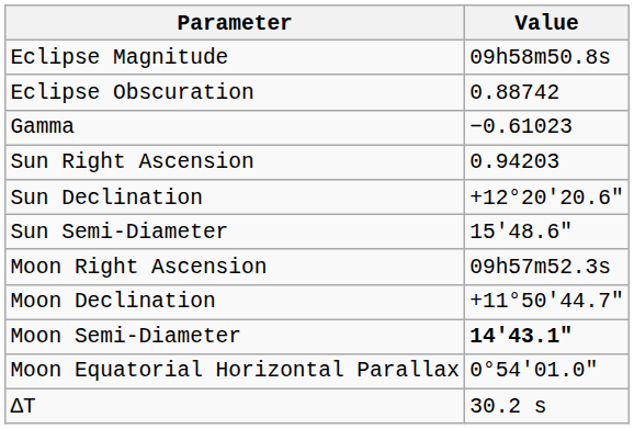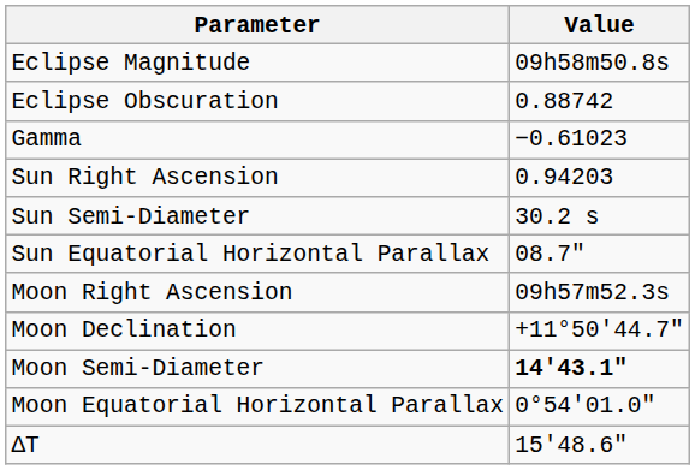 <table class="wikitable">
 <tr>
 <th>Parameter</th>
 <th>Value</th>
 </tr>
 <tr>
 <td>Eclipse Magnitude</td>
 <td>09h58m50.8s</td>
 </tr>
 <tr>
 <td>Eclipse Obscuration</td>
 <td>0.88742</td>
 </tr>
 <tr>
 <td>Gamma</td>
 <td>−0.61023</td>
 </tr>
 <tr>
 <td>Sun Right Ascension</td>
 <td>0.94203</td>
 </tr>
 <tr>
-<td>Sun Declination</td>
-<td>+12°20'20.6"</td>
+<td>Sun Semi-Diameter</td>
+<td>30.2 s</td>
 </tr>
 <tr>
-<td>Sun Semi-Diameter</td>
-<td>15'48.6"</td>
+<td>Sun Equatorial Horizontal Parallax</td>
+<td>08.7"</td>
 </tr>
 <tr>
 <td>Moon Right Ascension</td>
 <td>09h57m52.3s</td>
 </tr>
 <tr>
 <td>Moon Declination</td>
 <td>+11°50'44.7"</td>
 </tr>
 <tr>
 <td>Moon Semi-Diameter</td>
 <td><strong>14'43.1"</strong></td>
 </tr>
 <tr>
 <td>Moon Equatorial Horizontal Parallax</td>
 <td>0°54'01.0"</td>
 </tr>
 <tr>
 <td>ΔT</td>
-<td>30.2 s</td>
+<td>15'48.6"</td>
 </tr>
 </table>
